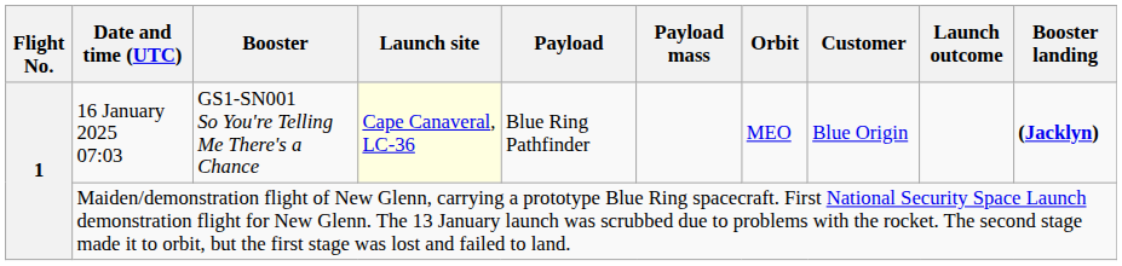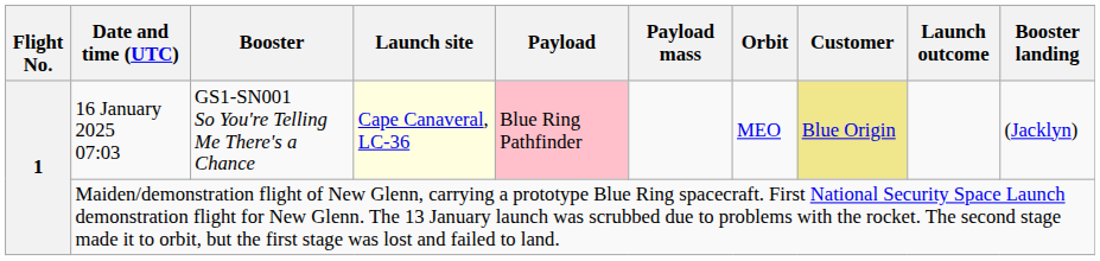 <table class="wikitable plainrowheaders collapsible sticky-header" id="2025ytd" style="width: 100%;">
 <tr>
 <th scope="col"><br>Flight No.</th>
 <th>Date and time (<a href='#'>UTC</a>)</th>
 <th>Booster</th>
 <th>Launch site</th>
 <th>Payload</th>
 <th>Payload mass</th>
 <th>Orbit</th>
 <th>Customer</th>
 <th scope="col">Launch<br>outcome</th>
 <th scope="col">Booster<br>landing</th>
 </tr>
 <tr id="NG-001">
 <th rowspan=2 scope="row" style="text-align:center;">1</th>
 <td>16 January 2025<br>07:03</td>
 <td>GS1-SN001<br><em>So You're Telling Me There's a Chance</em></td>
 <td style="background: lightyellow;"><a href='#'>Cape Canaveral</a>, <a href='#'>LC-36</a></td>
-<td>Blue Ring Pathfinder</td>
+<td style="background: pink;">Blue Ring Pathfinder</td>
 <td></td>
 <td><a href='#'>MEO</a></td>
-<td><a href='#'>Blue Origin</a></td>
+<td style="background: khaki;"><a href='#'>Blue Origin</a></td>
 <td></td>
-<td><strong> (<a href='#'>Jacklyn</a>)</strong></td>
+<td> (<a href='#'>Jacklyn</a>)</td>
 </tr>
 <tr>
 <td colspan="9">Maiden/demonstration flight of New Glenn, carrying a prototype Blue Ring spacecraft. First <a href='#'>National Security Space Launch</a> demonstration flight for New Glenn. The 13 January launch was scrubbed due to problems with the rocket. The second stage made it to orbit, but the first stage was lost and failed to land.</td>
 </tr>
 </table>
